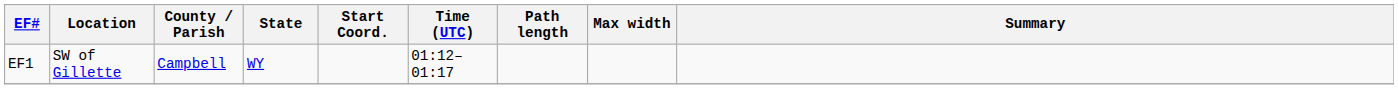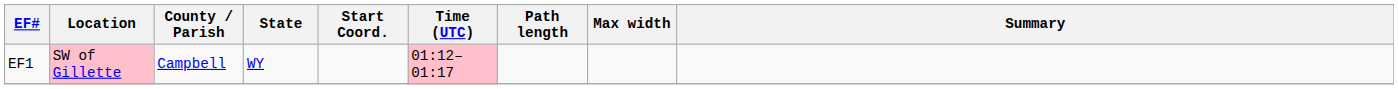 <table class="wikitable sortable" style="width:100%;">
 <tr>
 <th scope="col"  style="width:3%; text-align:center;"><a href='#'>EF#</a></th>
 <th scope="col"  style="width:7%; text-align:center;" class="unsortable">Location</th>
 <th scope="col"  style="width:6%; text-align:center;" class="unsortable">County / Parish</th>
 <th scope="col"  style="width:5%; text-align:center;">State</th>
 <th scope="col"  style="width:6%; text-align:center;">Start Coord.</th>
 <th scope="col"  style="width:6%; text-align:center;">Time (<a href='#'>UTC</a>)</th>
 <th scope="col"  style="width:6%; text-align:center;">Path length</th>
 <th scope="col"  style="width:6%; text-align:center;">Max width</th>
 <th scope="col" class="unsortable" style="width:48%; text-align:center;">Summary</th>
 </tr>
 <tr>
 <td>EF1</td>
-<td>SW of <a href='#'>Gillette</a></td>
+<td style="background: pink;">SW of <a href='#'>Gillette</a></td>
 <td><a href='#'>Campbell</a></td>
 <td><a href='#'>WY</a></td>
 <td></td>
-<td>01:12–01:17</td>
+<td style="background: pink;">01:12–01:17</td>
 <td></td>
 <td></td>
 <td></td>
 </tr>
 <tr>
 </tr>
 </table>
